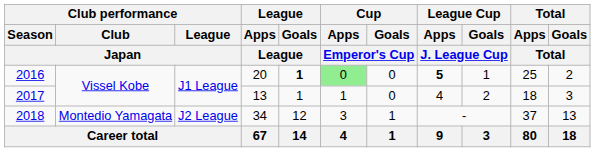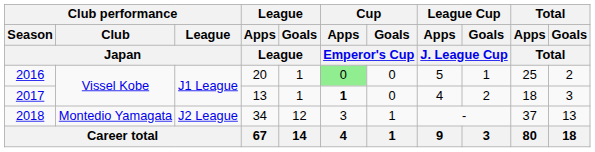 <table class="wikitable" style="text-align:center">
 <tr>
 <th colspan=3>Club performance</th>
 <th colspan=2>League</th>
 <th colspan=2>Cup</th>
 <th colspan=2>League Cup</th>
 <th colspan=2>Total</th>
 </tr>
 <tr>
 <th>Season</th>
 <th>Club</th>
 <th>League</th>
 <th>Apps</th>
 <th>Goals</th>
 <th>Apps</th>
 <th>Goals</th>
 <th>Apps</th>
 <th>Goals</th>
 <th>Apps</th>
 <th>Goals</th>
 </tr>
 <tr>
 <th colspan=3>Japan</th>
 <th colspan=2>League</th>
 <th colspan=2><a href='#'>Emperor's Cup</a></th>
 <th colspan=2><a href='#'>J. League Cup</a></th>
 <th colspan=2>Total</th>
 </tr>
 <tr>
 <td><a href='#'>2016</a></td>
 <td rowspan="2"><a href='#'>Vissel Kobe</a></td>
 <td rowspan="2"><a href='#'>J1 League</a></td>
 <td>20</td>
-<td><strong>1</strong></td>
+<td>1</td>
 <td style="background: lightgreen;">0</td>
 <td>0</td>
-<td><strong>5</strong></td>
+<td>5</td>
 <td>1</td>
 <td>25</td>
 <td>2</td>
 </tr>
 <tr>
 <td><a href='#'>2017</a></td>
 <td>13</td>
 <td>1</td>
-<td>1</td>
+<td><strong>1</strong></td>
 <td>0</td>
 <td>4</td>
 <td>2</td>
 <td>18</td>
 <td>3</td>
 </tr>
 <tr>
 <td><a href='#'>2018</a></td>
 <td><a href='#'>Montedio Yamagata</a></td>
 <td><a href='#'>J2 League</a></td>
 <td>34</td>
 <td>12</td>
 <td>3</td>
 <td>1</td>
 <td colspan=2>-</td>
 <td>37</td>
 <td>13</td>
 </tr>
 <tr>
 <th colspan=3>Career total</th>
 <th>67</th>
 <th>14</th>
 <th>4</th>
 <th>1</th>
 <th>9</th>
 <th>3</th>
 <th>80</th>
 <th>18</th>
 </tr>
 </table>
